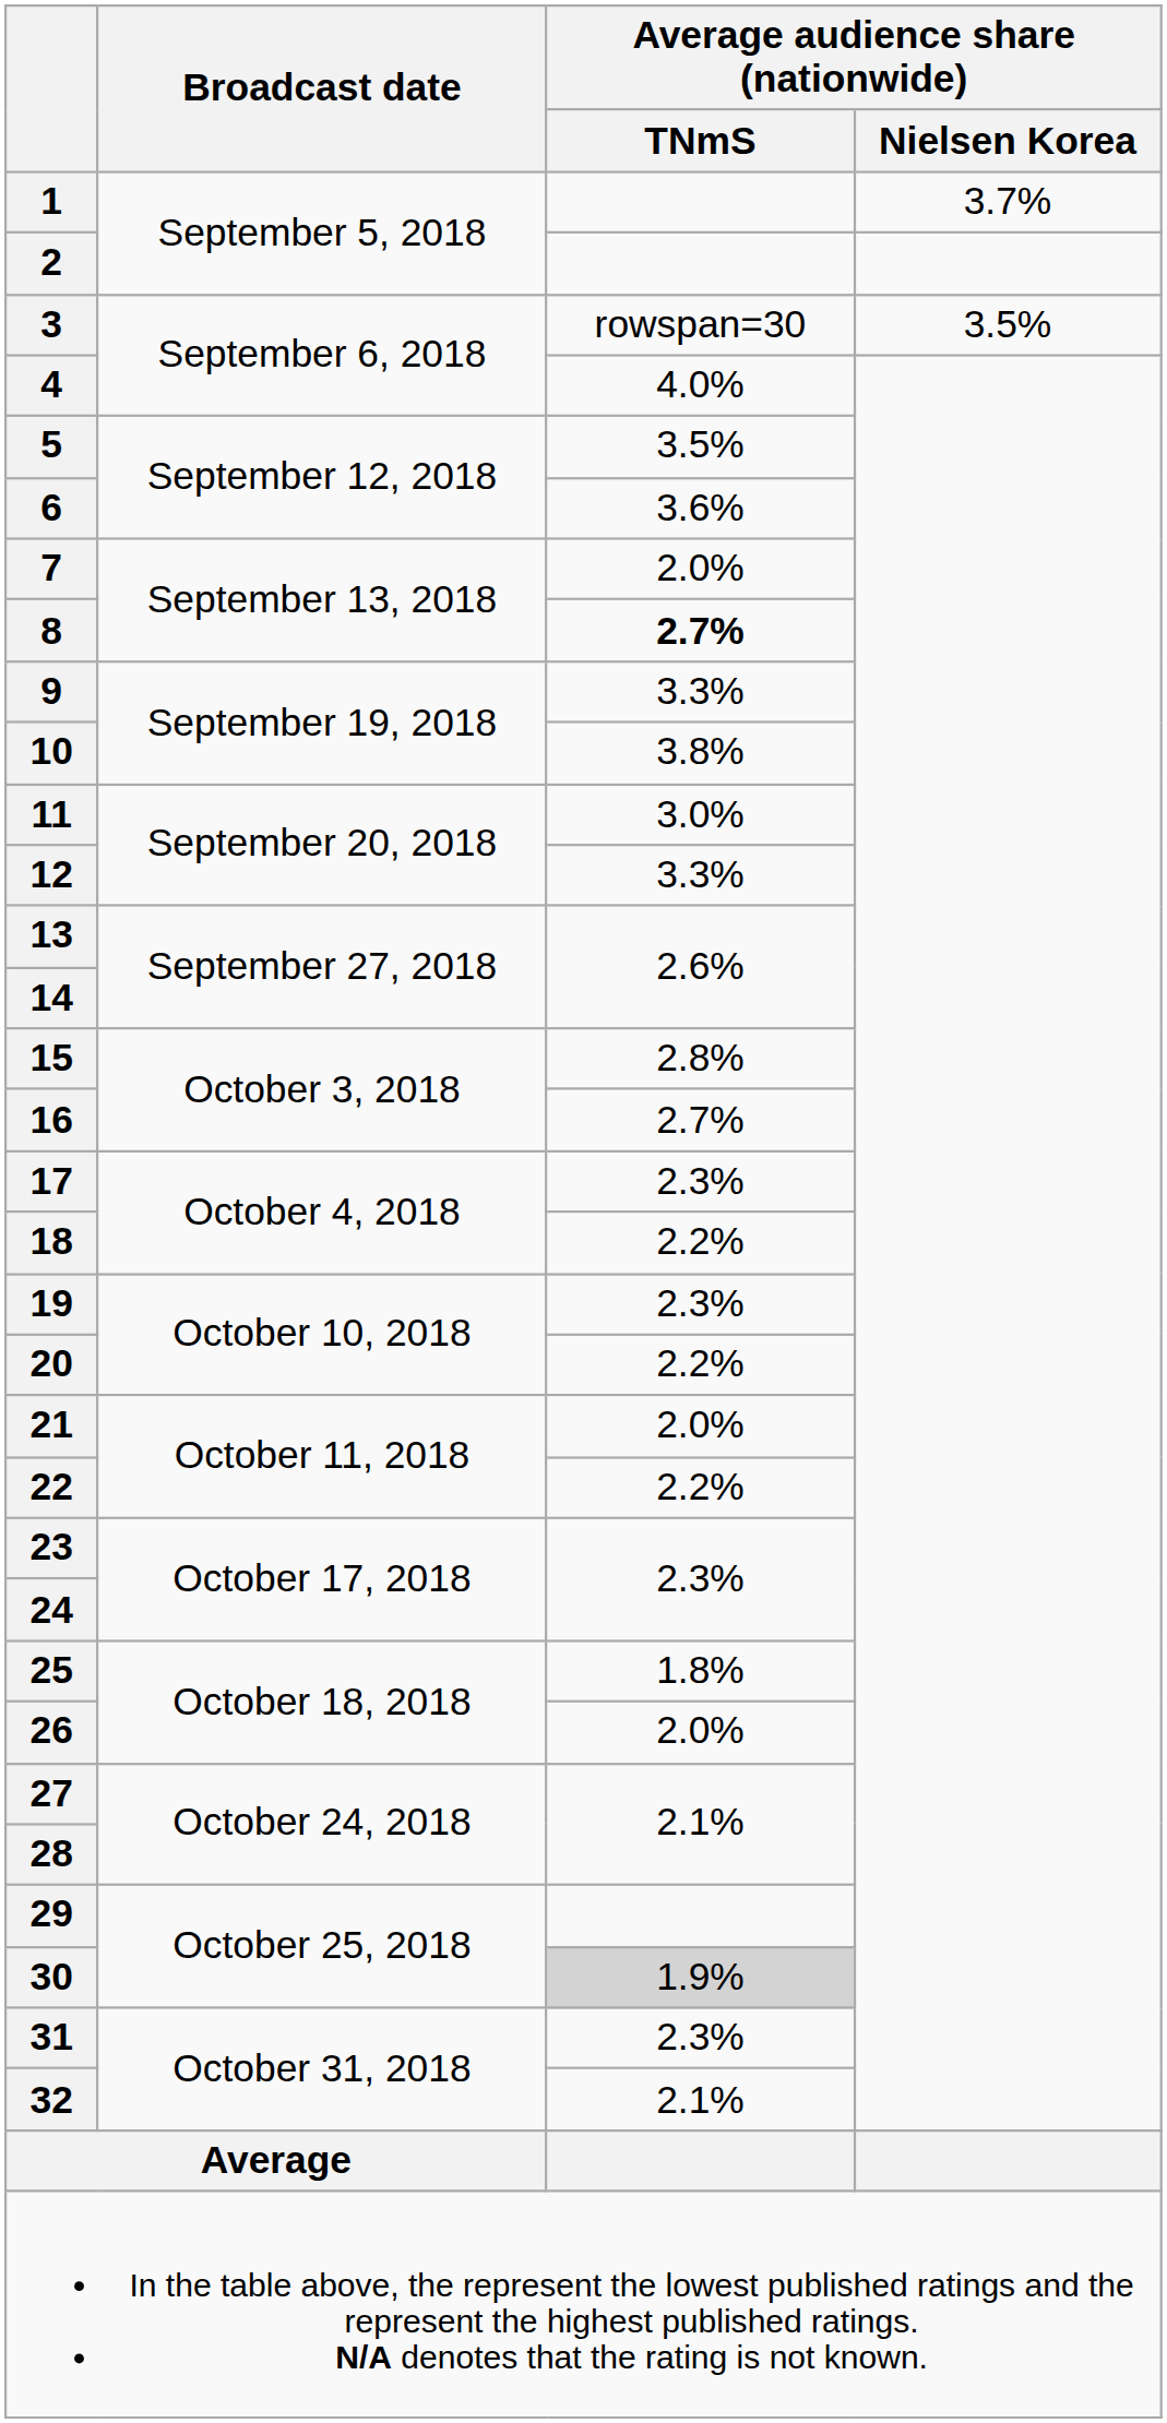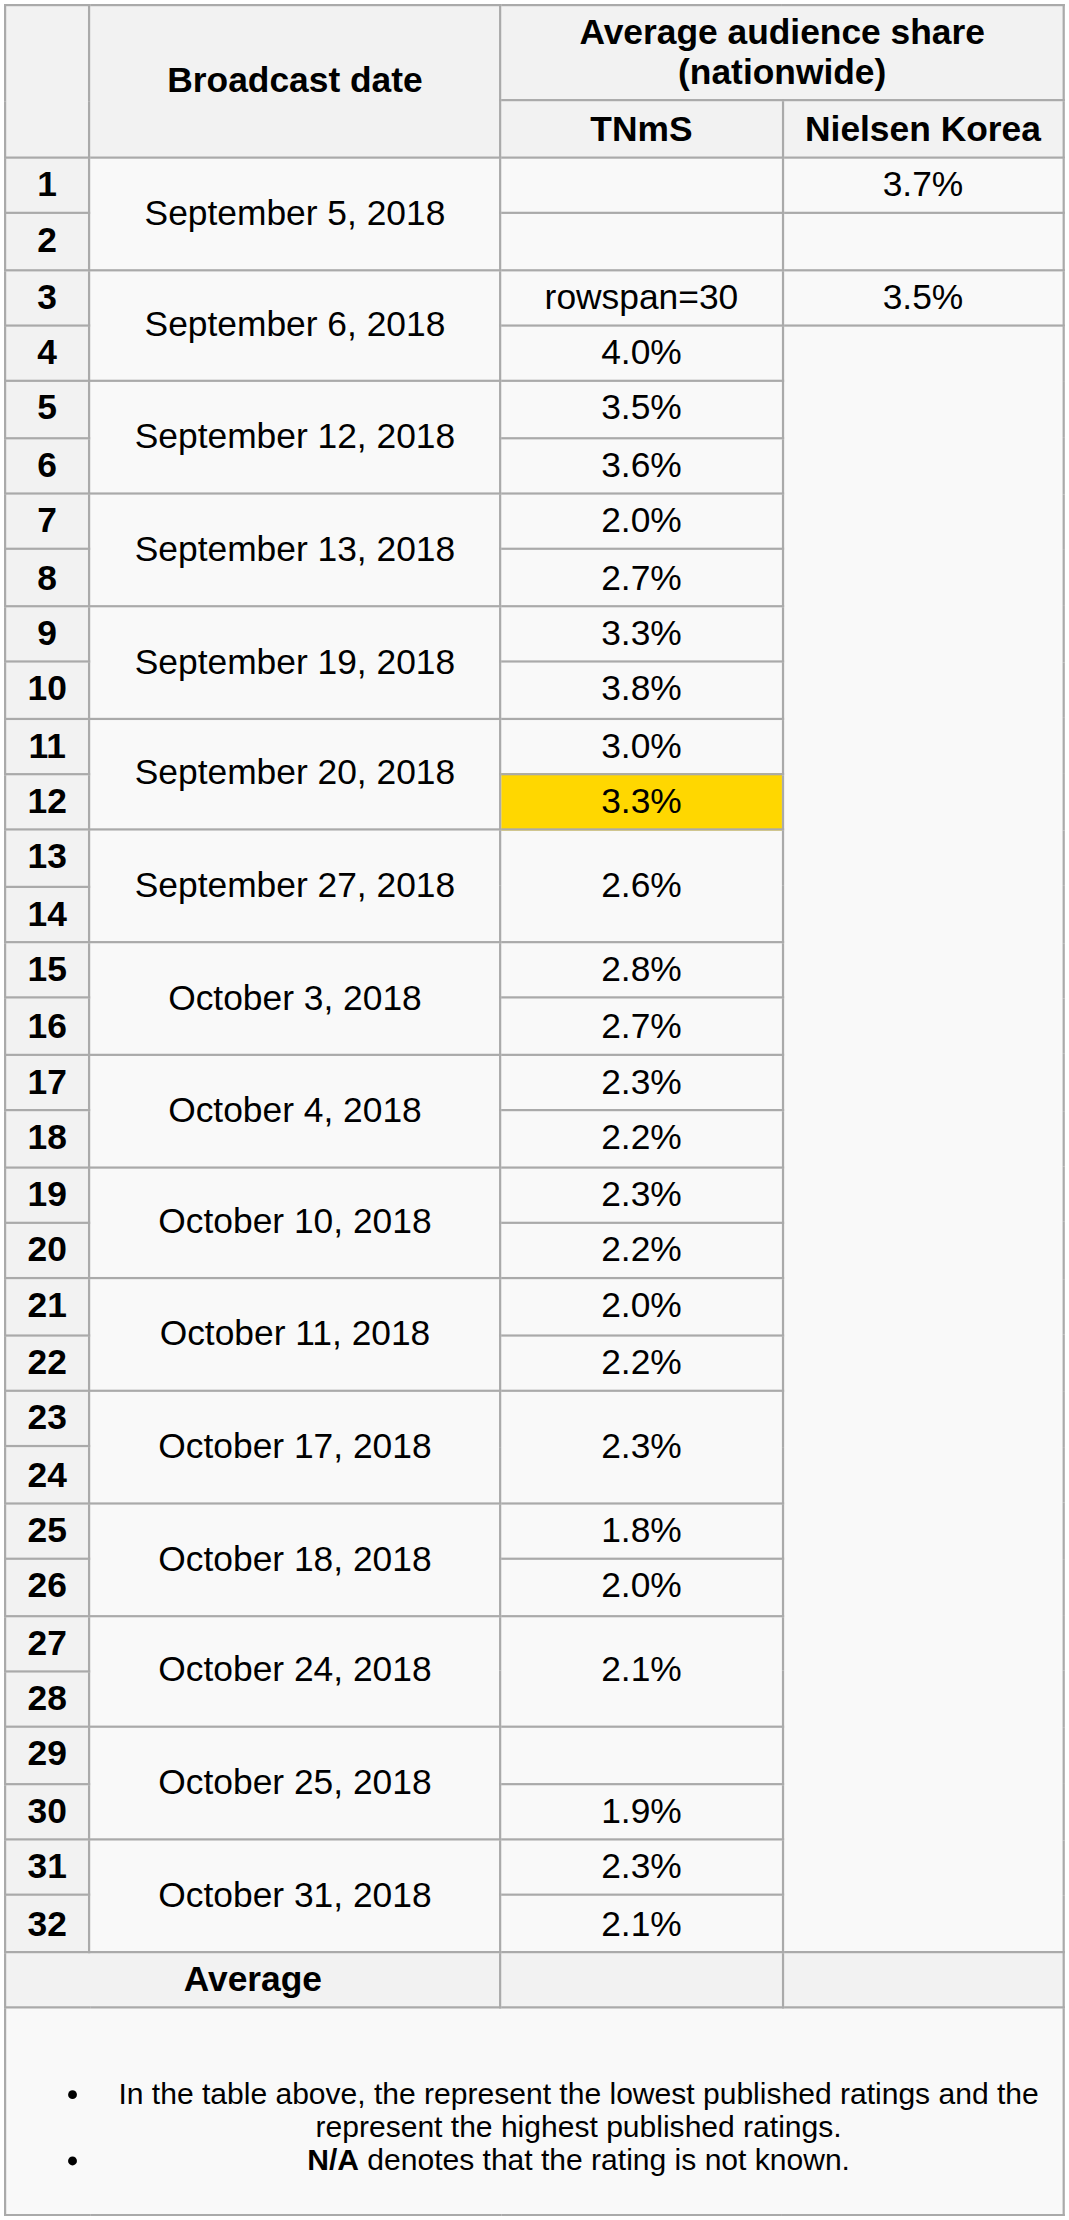 <table class="wikitable" style="text-align:center; width:480px">
 <tr>
 <th rowspan="2"></th>
 <th rowspan="2">Broadcast date</th>
 <th colspan="2">Average audience share (nationwide)</th>
 </tr>
 <tr>
 <th width="120">TNmS</th>
 <th width="120">Nielsen Korea</th>
 </tr>
 <tr>
 <th>1</th>
 <td rowspan="2">September 5, 2018</td>
 <td></td>
 <td>3.7%</td>
 </tr>
 <tr>
 <th>2</th>
 <td></td>
 <td></td>
 </tr>
 <tr>
 <th>3</th>
 <td rowspan="2">September 6, 2018</td>
 <td>rowspan=30 </td>
 <td>3.5%</td>
 </tr>
 <tr>
 <th>4</th>
 <td>4.0%</td>
 </tr>
 <tr>
 <th>5</th>
 <td rowspan="2">September 12, 2018</td>
 <td>3.5%</td>
 </tr>
 <tr>
 <th>6</th>
 <td>3.6%</td>
 </tr>
 <tr>
 <th>7</th>
 <td rowspan="2">September 13, 2018</td>
 <td>2.0%</td>
 </tr>
 <tr>
 <th>8</th>
-<td><strong>2.7%</strong></td>
+<td>2.7%</td>
 </tr>
 <tr>
 <th>9</th>
 <td rowspan="2">September 19, 2018</td>
 <td>3.3%</td>
 </tr>
 <tr>
 <th>10</th>
 <td>3.8%</td>
 </tr>
 <tr>
 <th>11</th>
 <td rowspan="2">September 20, 2018</td>
 <td>3.0%</td>
 </tr>
 <tr>
 <th>12</th>
-<td>3.3%</td>
+<td style="background: gold;">3.3%</td>
 </tr>
 <tr>
 <th>13</th>
 <td rowspan="2">September 27, 2018</td>
 <td rowspan="2">2.6%</td>
 </tr>
 <tr>
 <th>14</th>
 </tr>
 <tr>
 <th>15</th>
 <td rowspan="2">October 3, 2018</td>
 <td>2.8%</td>
 </tr>
 <tr>
 <th>16</th>
 <td>2.7%</td>
 </tr>
 <tr>
 <th>17</th>
 <td rowspan="2">October 4, 2018</td>
 <td>2.3%</td>
 </tr>
 <tr>
 <th>18</th>
 <td>2.2%</td>
 </tr>
 <tr>
 <th>19</th>
 <td rowspan="2">October 10, 2018</td>
 <td>2.3%</td>
 </tr>
 <tr>
 <th>20</th>
 <td>2.2%</td>
 </tr>
 <tr>
 <th>21</th>
 <td rowspan="2">October 11, 2018</td>
 <td>2.0%</td>
 </tr>
 <tr>
 <th>22</th>
 <td>2.2%</td>
 </tr>
 <tr>
 <th>23</th>
 <td rowspan="2">October 17, 2018</td>
 <td rowspan="2">2.3%</td>
 </tr>
 <tr>
 <th>24</th>
 </tr>
 <tr>
 <th>25</th>
 <td rowspan="2">October 18, 2018</td>
 <td>1.8%</td>
 </tr>
 <tr>
 <th>26</th>
 <td>2.0%</td>
 </tr>
 <tr>
 <th>27</th>
 <td rowspan="2">October 24, 2018</td>
 <td rowspan="2">2.1%</td>
 </tr>
 <tr>
 <th>28</th>
 </tr>
 <tr>
 <th>29</th>
 <td rowspan="2">October 25, 2018</td>
 <td></td>
 </tr>
 <tr>
 <th>30</th>
-<td style="background: lightgrey;">1.9%</td>
+<td>1.9%</td>
 </tr>
 <tr>
 <th>31</th>
 <td rowspan="2">October 31, 2018</td>
 <td>2.3%</td>
 </tr>
 <tr>
 <th>32</th>
 <td>2.1%</td>
 </tr>
 <tr>
 <th colspan="2">Average</th>
 <th></th>
 <th></th>
 </tr>
 <tr>
 <td colspan="4" style="font-size:85%"><br><ul><li>In the table above, the <strong></strong> represent the lowest published ratings and the <strong></strong> represent the highest published ratings.</li><li><strong>N/A</strong> denotes that the rating is not known.</li></ul></td>
 </tr>
 </table>
